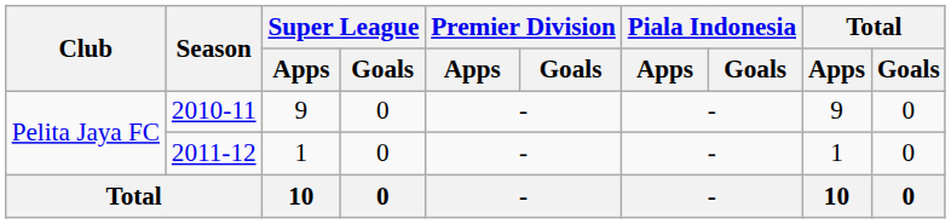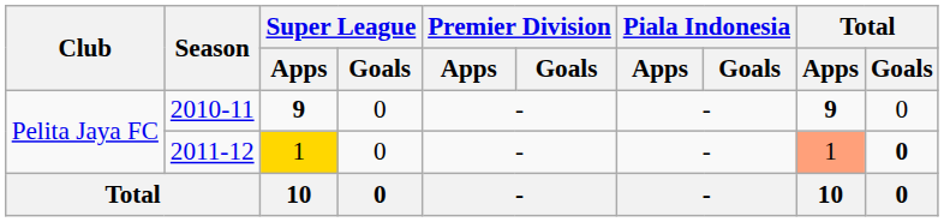 <table class="wikitable" style="font-size:90%; text-align:center;">
 <tr>
 <th rowspan="2">Club</th>
 <th rowspan="2">Season</th>
 <th colspan="2"><a href='#'>Super League</a></th>
 <th colspan="2"><a href='#'>Premier Division</a></th>
 <th colspan="2"><a href='#'>Piala Indonesia</a></th>
 <th colspan="2">Total</th>
 </tr>
 <tr>
 <th>Apps</th>
 <th>Goals</th>
 <th>Apps</th>
 <th>Goals</th>
 <th>Apps</th>
 <th>Goals</th>
 <th>Apps</th>
 <th>Goals</th>
 </tr>
 <tr>
 <td rowspan="2"><a href='#'>Pelita Jaya FC</a></td>
 <td><a href='#'>2010-11</a></td>
-<td>9</td>
+<td><strong>9</strong></td>
 <td>0</td>
 <td colspan="2">-</td>
 <td colspan="2">-</td>
-<td>9</td>
+<td><strong>9</strong></td>
 <td>0</td>
 </tr>
 <tr>
 <td><a href='#'>2011-12</a></td>
-<td>1</td>
+<td style="background: gold;">1</td>
 <td>0</td>
 <td colspan="2">-</td>
 <td colspan="2">-</td>
-<td>1</td>
-<td>0</td>
+<td style="background: lightsalmon;">1</td>
+<td><strong>0</strong></td>
 </tr>
 <tr>
 <th colspan="2">Total</th>
 <th>10</th>
 <th>0</th>
 <th colspan="2">-</th>
 <th colspan="2">-</th>
 <th>10</th>
 <th>0</th>
 </tr>
 </table>
